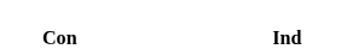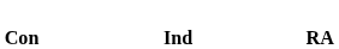 <table style="width:60%; text-align:center;">
 <tr style="color:white;">
 <td style="background:"><strong>30</strong></td>
 <td style="background:"><strong>12</strong></td>
+<td style="background:"><strong>1</strong></td>
 </tr>
 <tr>
 <td><span><strong>Con</strong></span></td>
 <td><span><strong>Ind</strong></span></td>
+<td><span><strong>RA</strong></span></td>
 </tr>
 </table>
